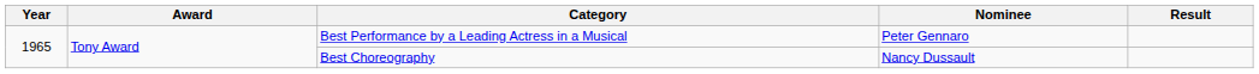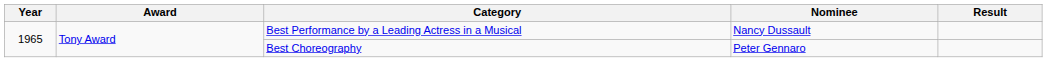 <table class="wikitable" width="95%">
 <tr>
 <th width="5%">Year</th>
 <th width="20%">Award</th>
 <th width="45%">Category</th>
 <th width="20%">Nominee</th>
 <th width="10%">Result</th>
 </tr>
 <tr>
 <td rowspan="2" align="center">1965</td>
 <td rowspan="2"><a href='#'>Tony Award</a></td>
 <td><a href='#'>Best Performance by a Leading Actress in a Musical</a></td>
-<td><a href='#'>Peter Gennaro</a></td>
+<td><a href='#'>Nancy Dussault</a></td>
 <td></td>
 </tr>
 <tr>
 <td><a href='#'>Best Choreography</a></td>
-<td><a href='#'>Nancy Dussault</a></td>
+<td><a href='#'>Peter Gennaro</a></td>
 <td></td>
 </tr>
 </table>
